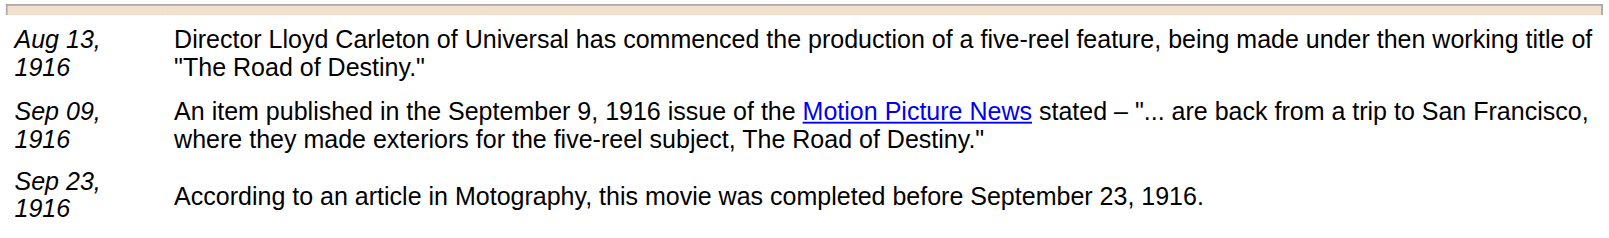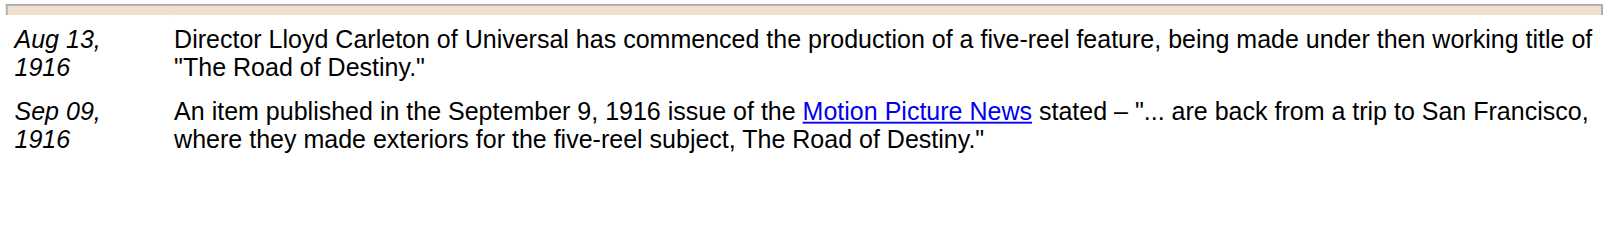 <table class="wikitable plainrowheaders " style="background:#FFFFFF; font-size:85%; Align:left ">
 <tr>
 <th style="border: 0px solid #FFFAF5; background:#F2E0CE; width:10%;"></th>
 <th style="border:0px solid #FFFAF5; background:#F2E0CE"></th>
 </tr>
 <tr>
 <td style="border:3px solid #FFFFFF"><em>Aug 13, 1916</em></td>
 <td style="border:3px solid #FFFFFF">Director Lloyd Carleton of Universal has commenced the production of a five-reel feature, being made under then working title of "The Road of Destiny."</td>
 </tr>
 <tr>
 <td style="border:3px solid #FFFFFF"><em>Sep 09, 1916</em></td>
 <td style="border:3px solid #FFFFFF">An item published in the September 9, 1916 issue of the <a href='#'>Motion Picture News</a> stated – "... are back from a trip to San Francisco, where they made exteriors for the five-reel subject, The Road of Destiny."</td>
 </tr>
-<tr>
-<td style="border:3px solid #FFFFFF"><em>Sep 23, 1916</em></td>
-<td style="border:3px solid #FFFFFF">According to an article in Motography, this movie was completed before September 23, 1916.</td>
-</tr>
 </table>
